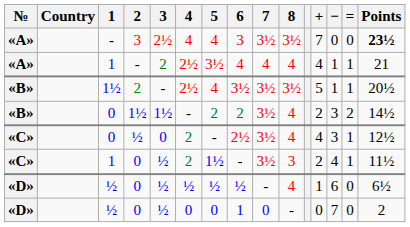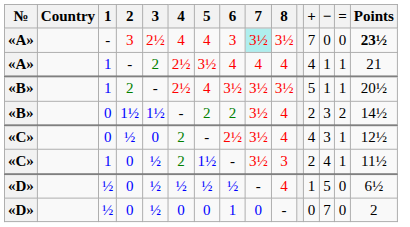 <table class="wikitable" style="text-align:center">
 <tr>
 <th>№</th>
 <th>Country</th>
 <th>1</th>
 <th>2</th>
 <th>3</th>
 <th>4</th>
 <th>5</th>
 <th>6</th>
 <th>7</th>
 <th>8</th>
 <th></th>
 <th>+</th>
 <th>−</th>
 <th>=</th>
 <th>Points</th>
 </tr>
 <tr>
 <th>«A»</th>
 <td style="text-align: left"></td>
 <td>-</td>
 <td style="color:red;">3</td>
 <td style="color:red;">2½</td>
 <td style="color:red;">4</td>
 <td style="color:red;">4</td>
 <td style="color:red;">3</td>
-<td style="color:red;">3½</td>
+<td style="background: paleturquoise; color:red;">3½</td>
 <td style="color:red;">3½</td>
 <th></th>
 <td>7</td>
 <td>0</td>
 <td>0</td>
 <td><strong>23½ </strong></td>
 </tr>
 <tr>
 <th>«A»</th>
 <td style="text-align: left"></td>
 <td style="color:blue;">1</td>
 <td>-</td>
 <td style="color:green;">2</td>
 <td style="color:red;">2½</td>
 <td style="color:red;">3½</td>
 <td style="color:red;">4</td>
 <td style="color:red;">4</td>
 <td style="color:red;">4</td>
 <th></th>
 <td>4</td>
 <td>1</td>
 <td>1</td>
 <td>21</td>
 </tr>
 <tr style="border-top:2px solid grey;">
 <th>«B»</th>
 <td style="text-align: left"></td>
-<td style="color:blue;">1½</td>
+<td style="color:blue;">1</td>
 <td style="color:green;">2</td>
 <td>-</td>
 <td style="color:red;">2½</td>
 <td style="color:red;">4</td>
 <td style="color:red;">3½</td>
 <td style="color:red;">3½</td>
 <td style="color:red;">3½</td>
 <th></th>
 <td>5</td>
 <td>1</td>
 <td>1</td>
 <td>20½</td>
 </tr>
 <tr>
 <th>«B»</th>
 <td style="text-align: left"></td>
 <td style="color:blue;">0</td>
 <td style="color:blue;">1½</td>
 <td style="color:blue;">1½</td>
 <td>-</td>
 <td style="color:green;">2</td>
 <td style="color:green;">2</td>
 <td style="color:red;">3½</td>
 <td style="color:red;">4</td>
 <th></th>
 <td>2</td>
 <td>3</td>
 <td>2</td>
 <td>14½</td>
 </tr>
 <tr style="border-top:2px solid grey;">
 <th>«C»</th>
 <td style="text-align: left"></td>
 <td style="color:blue;">0</td>
 <td style="color:blue;">½</td>
 <td style="color:blue;">0</td>
 <td style="color:green;">2</td>
 <td>-</td>
 <td style="color:red;">2½</td>
 <td style="color:red;">3½</td>
 <td style="color:red;">4</td>
 <th></th>
 <td>4</td>
 <td>3</td>
 <td>1</td>
 <td>12½</td>
 </tr>
 <tr>
 <th>«C»</th>
 <td style="text-align: left"></td>
 <td style="color:blue;">1</td>
 <td style="color:blue;">0</td>
 <td style="color:blue;">½</td>
 <td style="color:green;">2</td>
 <td style="color:blue;">1½</td>
 <td>-</td>
 <td style="color:red;">3½</td>
 <td style="color:red;">3</td>
 <th></th>
 <td>2</td>
 <td>4</td>
 <td>1</td>
 <td>11½</td>
 </tr>
 <tr style="border-top:2px solid grey;">
 <th>«D»</th>
 <td style="text-align: left"></td>
 <td style="color:blue;">½</td>
 <td style="color:blue;">0</td>
 <td style="color:blue;">½</td>
 <td style="color:blue;">½</td>
 <td style="color:blue;">½</td>
 <td style="color:blue;">½</td>
 <td>-</td>
 <td style="color:red;">4</td>
 <th></th>
 <td>1</td>
-<td>6</td>
+<td>5</td>
 <td>0</td>
 <td>6½</td>
 </tr>
 <tr>
 <th>«D»</th>
 <td style="text-align: left"></td>
 <td style="color:blue;">½</td>
 <td style="color:blue;">0</td>
 <td style="color:blue;">½</td>
 <td style="color:blue;">0</td>
 <td style="color:blue;">0</td>
 <td style="color:blue;">1</td>
 <td style="color:blue;">0</td>
 <td>-</td>
 <th></th>
 <td>0</td>
 <td>7</td>
 <td>0</td>
 <td>2</td>
 </tr>
 </table>
